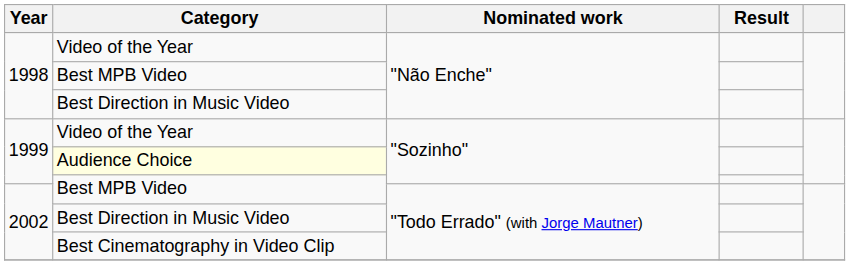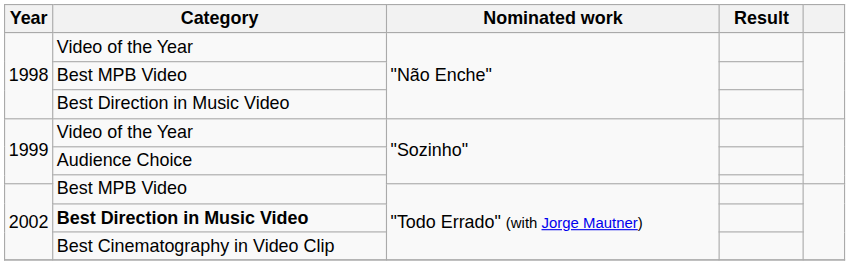 <table class="wikitable" style="width:85%;">
 <tr>
 <th width=5%>Year</th>
 <th style="width:40%;">Category</th>
 <th style="width:40%;">Nominated work</th>
 <th style="width:10%;">Result</th>
 <th width=5%></th>
 </tr>
 <tr>
 <td rowspan="3">1998</td>
 <td>Video of the Year</td>
 <td rowspan="3">"Não Enche"</td>
 <td></td>
 <td rowspan="3"></td>
 </tr>
 <tr>
 <td>Best MPB Video</td>
 <td></td>
 </tr>
 <tr>
 <td>Best Direction in Music Video</td>
 <td></td>
 </tr>
 <tr>
 <td rowspan="3">1999</td>
 <td>Video of the Year</td>
 <td rowspan="3">"Sozinho"</td>
 <td></td>
 <td rowspan="3"></td>
 </tr>
 <tr>
-<td style="background: lightyellow;">Audience Choice</td>
+<td>Audience Choice</td>
 <td></td>
 </tr>
 <tr>
 <td rowspan="2">Best MPB Video</td>
 <td></td>
 </tr>
 <tr>
 <td rowspan="3">2002</td>
 <td rowspan="3">"Todo Errado" <small>(with <a href='#'>Jorge Mautner</a>)</small></td>
 <td></td>
 <td rowspan="3"></td>
 </tr>
 <tr>
-<td>Best Direction in Music Video</td>
+<td><strong>Best Direction in Music Video</strong></td>
 <td></td>
 </tr>
 <tr>
 <td>Best Cinematography in Video Clip</td>
 <td></td>
 </tr>
 <tr>
 </tr>
 </table>
